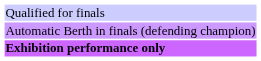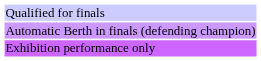 <table>
 <tr bgcolor="CCCCFF">
 <td>Qualified for finals</td>
 </tr>
 <tr bgcolor="CC99FF">
 <td>Automatic Berth in finals (defending champion)</td>
 </tr>
 <tr bgcolor="CC66FF">
-<td><strong>Exhibition performance only</strong></td>
+<td>Exhibition performance only</td>
 </tr>
 </table>
